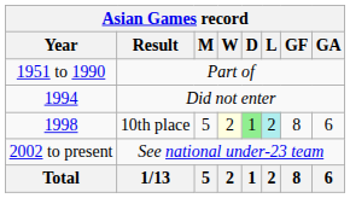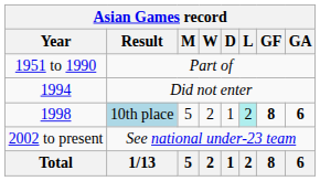 <table class="wikitable" style="text-align: center;">
 <tr>
 <th colspan=8><a href='#'>Asian Games</a> record</th>
 </tr>
 <tr>
 <th>Year</th>
 <th>Result</th>
 <th>M</th>
 <th>W</th>
 <th>D</th>
 <th>L</th>
 <th>GF</th>
 <th>GA</th>
 </tr>
 <tr>
 <td> <a href='#'>1951</a> to  <a href='#'>1990</a></td>
 <td colspan=7><em>Part of </em></td>
 </tr>
 <tr>
 <td> <a href='#'>1994</a></td>
 <td colspan=7><em>Did not enter</em></td>
 </tr>
 <tr>
 <td> <a href='#'>1998</a></td>
-<td>10th place</td>
+<td style="background: lightblue;">10th place</td>
 <td>5</td>
-<td style="background: lightyellow;">2</td>
-<td style="background: lightgreen;">1</td>
+<td>2</td>
+<td>1</td>
 <td style="background: paleturquoise;">2</td>
-<td>8</td>
-<td>6</td>
+<td><strong>8</strong></td>
+<td><strong>6</strong></td>
 </tr>
 <tr>
 <td> <a href='#'>2002</a> to present</td>
 <td colspan=7><em>See <a href='#'>national under-23 team</a></em></td>
 </tr>
 <tr>
 <th>Total</th>
 <th>1/13</th>
 <th>5</th>
 <th>2</th>
 <th>1</th>
 <th>2</th>
 <th>8</th>
 <th>6</th>
 </tr>
 </table>
